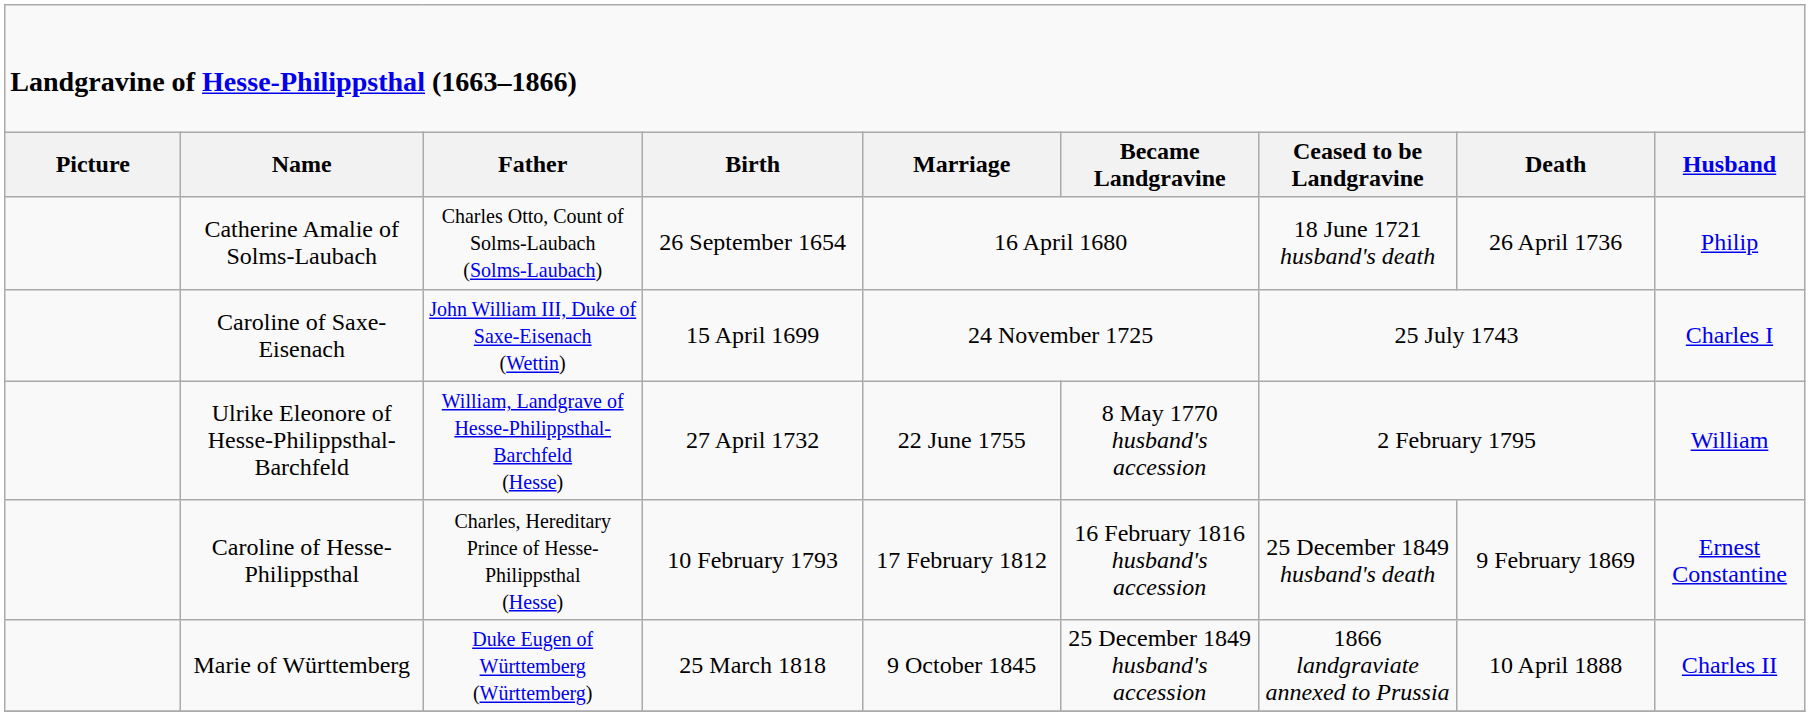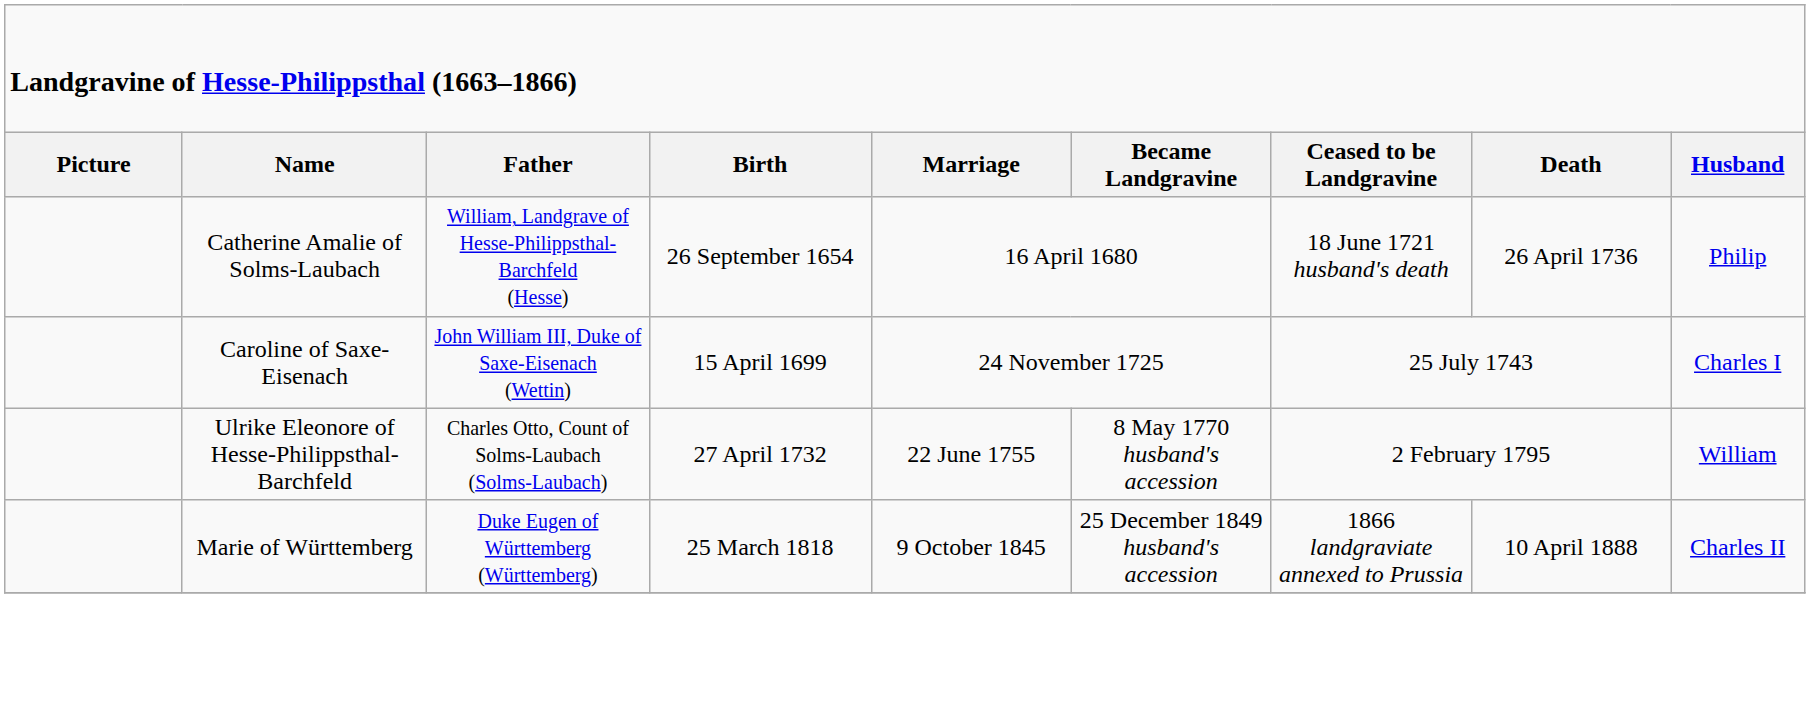 <table width=95% class="wikitable">
 <tr>
 <td colspan="9"><br><h3>Landgravine of <a href='#'>Hesse-Philippsthal</a> (1663–1866)</h3></td>
 </tr>
 <tr>
 <th width = "8%">Picture</th>
 <th width = "11%">Name</th>
 <th width = "10%">Father</th>
 <th width = "10%">Birth</th>
 <th width = "9%">Marriage</th>
 <th width = "9%">Became Landgravine</th>
 <th width = "9%">Ceased to be Landgravine</th>
 <th width = "9%">Death</th>
 <th width = "6%"><a href='#'>Husband</a></th>
 </tr>
 <tr>
 <td align="center"></td>
 <td align="center">Catherine Amalie of Solms-Laubach</td>
-<td align="center"><small>Charles Otto, Count of Solms-Laubach<br>(<a href='#'>Solms-Laubach</a>)</small></td>
+<td align="center"><small><a href='#'>William, Landgrave of Hesse-Philippsthal-Barchfeld</a><br>(<a href='#'>Hesse</a>)</small></td>
 <td align="center">26 September 1654</td>
 <td align="center" colspan="2">16 April 1680</td>
 <td align="center">18 June 1721<br><em>husband's death</em></td>
 <td align="center">26 April 1736</td>
 <td align="center"><a href='#'>Philip</a></td>
 </tr>
 <tr>
 <td align="center"></td>
 <td align="center">Caroline of Saxe-Eisenach</td>
 <td align="center"><small><a href='#'>John William III, Duke of Saxe-Eisenach</a><br>(<a href='#'>Wettin</a>)</small></td>
 <td align="center">15 April 1699</td>
 <td align="center" colspan="2">24 November 1725</td>
 <td align="center" colspan="2">25 July 1743</td>
 <td align=center><a href='#'>Charles I</a></td>
 </tr>
 <tr>
 <td align="center"></td>
 <td align="center">Ulrike Eleonore of Hesse-Philippsthal-Barchfeld</td>
-<td align="center"><small><a href='#'>William, Landgrave of Hesse-Philippsthal-Barchfeld</a><br>(<a href='#'>Hesse</a>)</small></td>
+<td align="center"><small>Charles Otto, Count of Solms-Laubach<br>(<a href='#'>Solms-Laubach</a>)</small></td>
 <td align="center">27 April 1732</td>
 <td align="center">22 June 1755</td>
 <td align="center">8 May 1770<br><em>husband's accession</em></td>
 <td align="center" colspan="2">2 February 1795</td>
 <td align="center"><a href='#'>William</a></td>
-</tr>
-<tr>
-<td align="center"></td>
-<td align="center">Caroline of Hesse-Philippsthal</td>
-<td align="center"><small>Charles, Hereditary Prince of Hesse-Philippsthal<br>(<a href='#'>Hesse</a>)</small></td>
-<td align="center">10 February 1793</td>
-<td align="center">17 February 1812</td>
-<td align="center">16 February 1816 <br><em>husband's accession</em></td>
-<td align="center">25 December 1849<br><em>husband's death</em></td>
-<td align="center">9 February 1869</td>
-<td align="center"><a href='#'>Ernest Constantine</a></td>
 </tr>
 <tr>
 <td align="center"></td>
 <td align="center">Marie of Württemberg</td>
 <td align="center"><small><a href='#'>Duke Eugen of Württemberg</a><br>(<a href='#'>Württemberg</a>)</small></td>
 <td align="center">25 March 1818</td>
 <td align="center">9 October 1845</td>
 <td align="center">25 December 1849<br><em>husband's accession</em></td>
 <td align="center">1866<br><em>landgraviate annexed to Prussia</em></td>
 <td align="center">10 April 1888</td>
 <td align="center"><a href='#'>Charles II</a></td>
 </tr>
 <tr>
 </tr>
 </table>
